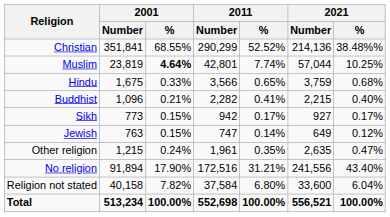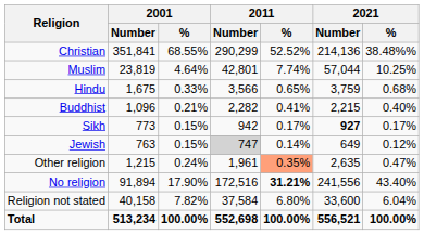 <table class="wikitable sortable" style="text-align:right">
 <tr>
 <th rowspan="2">Religion</th>
 <th colspan="2">2001</th>
 <th colspan="2">2011</th>
 <th colspan="2">2021</th>
 </tr>
 <tr>
 <th>Number</th>
 <th>%</th>
 <th>Number</th>
 <th>%</th>
 <th>Number</th>
 <th>%</th>
 </tr>
 <tr>
 <td><a href='#'>Christian</a></td>
 <td>351,841</td>
 <td>68.55%</td>
 <td>290,299</td>
 <td>52.52%</td>
 <td>214,136</td>
 <td>38.48%%</td>
 </tr>
 <tr>
 <td><a href='#'>Muslim</a></td>
 <td>23,819</td>
-<td><strong>4.64%</strong></td>
+<td>4.64%</td>
 <td>42,801</td>
 <td>7.74%</td>
 <td>57,044</td>
 <td>10.25%</td>
 </tr>
 <tr>
 <td><a href='#'>Hindu</a></td>
 <td>1,675</td>
 <td>0.33%</td>
 <td>3,566</td>
 <td>0.65%</td>
 <td>3,759</td>
 <td>0.68%</td>
 </tr>
 <tr>
 <td><a href='#'>Buddhist</a></td>
 <td>1,096</td>
 <td>0.21%</td>
 <td>2,282</td>
 <td>0.41%</td>
 <td>2,215</td>
 <td>0.40%</td>
 </tr>
 <tr>
 <td><a href='#'>Sikh</a></td>
 <td>773</td>
 <td>0.15%</td>
 <td>942</td>
 <td>0.17%</td>
-<td>927</td>
+<td><strong>927</strong></td>
 <td>0.17%</td>
 </tr>
 <tr>
 <td><a href='#'>Jewish</a></td>
 <td>763</td>
 <td>0.15%</td>
-<td>747</td>
+<td style="background: lightgrey;">747</td>
 <td>0.14%</td>
 <td>649</td>
 <td>0.12%</td>
 </tr>
 <tr>
 <td>Other religion</td>
 <td>1,215</td>
 <td>0.24%</td>
 <td>1,961</td>
-<td>0.35%</td>
+<td style="background: lightsalmon;">0.35%</td>
 <td>2,635</td>
 <td>0.47%</td>
 </tr>
 <tr>
 <td><a href='#'>No religion</a></td>
 <td>91,894</td>
 <td>17.90%</td>
 <td>172,516</td>
-<td>31.21%</td>
+<td><strong>31.21%</strong></td>
 <td>241,556</td>
 <td>43.40%</td>
 </tr>
 <tr>
 <td>Religion not stated</td>
 <td>40,158</td>
 <td>7.82%</td>
 <td>37,584</td>
 <td>6.80%</td>
 <td>33,600</td>
 <td>6.04%</td>
 </tr>
 <tr>
 <td style="text-align:left"><strong>Total</strong></td>
 <td><strong>513,234</strong></td>
 <td><strong>100.00%</strong></td>
 <td><strong>552,698</strong></td>
 <td><strong>100.00%</strong></td>
 <td><strong>556,521</strong></td>
 <td><strong>100.00%</strong></td>
 </tr>
 </table>
